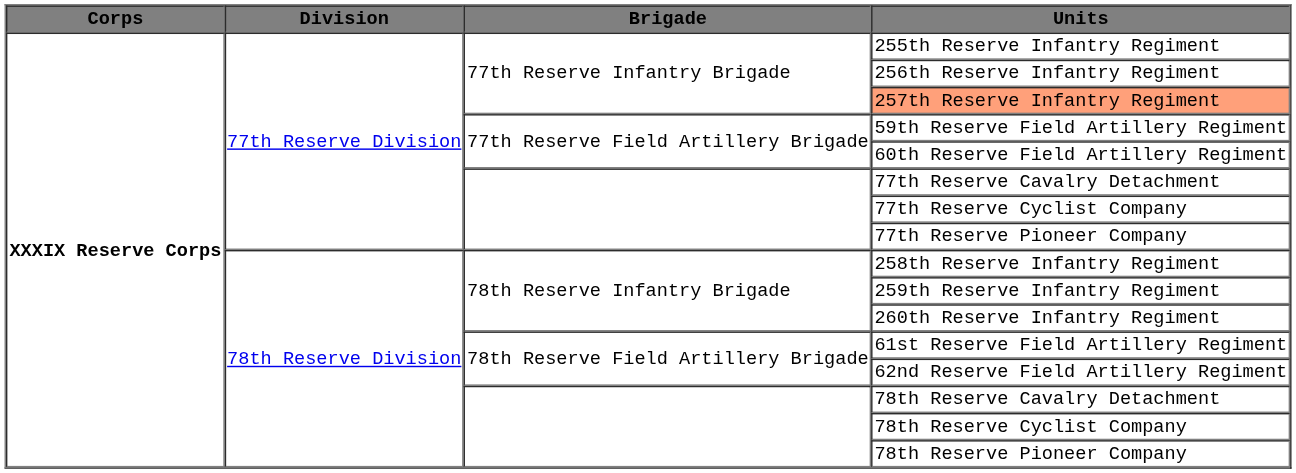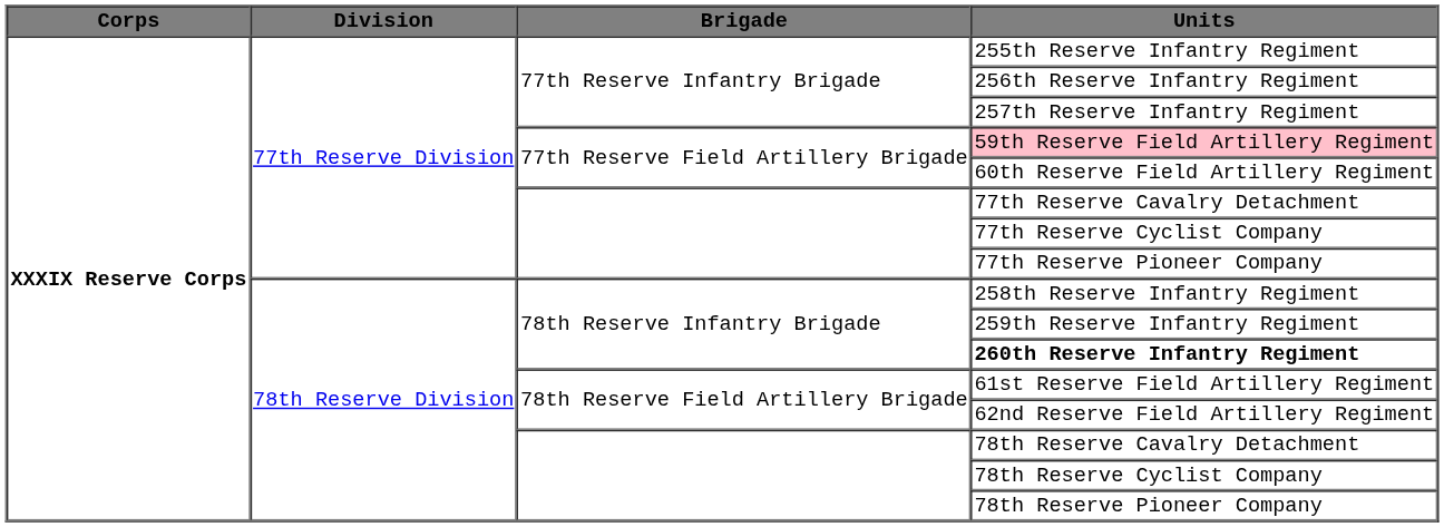 <table style="float: right;" border="1" cellpadding="1" cellspacing="0" style="font-size: 100%; border: gray solid 1px; border-collapse: collapse; text-align: center;">
 <tr style="background-color:grey; color:black;">
 <th>Corps</th>
 <th>Division</th>
 <th>Brigade</th>
 <th>Units</th>
 </tr>
 <tr>
 <td ROWSPAN=16><strong>XXXIX Reserve Corps</strong></td>
 <td ROWSPAN=8><a href='#'>77th Reserve Division</a></td>
 <td ROWSPAN=3>77th Reserve Infantry Brigade</td>
 <td>255th Reserve Infantry Regiment</td>
 </tr>
 <tr>
 <td>256th Reserve Infantry Regiment</td>
 </tr>
 <tr>
-<td style="background: lightsalmon;">257th Reserve Infantry Regiment</td>
+<td>257th Reserve Infantry Regiment</td>
 </tr>
 <tr>
 <td ROWSPAN=2>77th Reserve Field Artillery Brigade</td>
-<td>59th Reserve Field Artillery Regiment</td>
+<td style="background: pink;">59th Reserve Field Artillery Regiment</td>
 </tr>
 <tr>
 <td>60th Reserve Field Artillery Regiment</td>
 </tr>
 <tr>
 <td ROWSPAN=3></td>
 <td>77th Reserve Cavalry Detachment</td>
 </tr>
 <tr>
 <td>77th Reserve Cyclist Company</td>
 </tr>
 <tr>
 <td>77th Reserve Pioneer Company</td>
 </tr>
 <tr>
 <td ROWSPAN=8><a href='#'>78th Reserve Division</a></td>
 <td ROWSPAN=3>78th Reserve Infantry Brigade</td>
 <td>258th Reserve Infantry Regiment</td>
 </tr>
 <tr>
 <td>259th Reserve Infantry Regiment</td>
 </tr>
 <tr>
-<td>260th Reserve Infantry Regiment</td>
+<td><strong>260th Reserve Infantry Regiment</strong></td>
 </tr>
 <tr>
 <td ROWSPAN=2>78th Reserve Field Artillery Brigade</td>
 <td>61st Reserve Field Artillery Regiment</td>
 </tr>
 <tr>
 <td>62nd Reserve Field Artillery Regiment</td>
 </tr>
 <tr>
 <td ROWSPAN=3></td>
 <td>78th Reserve Cavalry Detachment</td>
 </tr>
 <tr>
 <td>78th Reserve Cyclist Company</td>
 </tr>
 <tr>
 <td>78th Reserve Pioneer Company</td>
 </tr>
 <tr>
 </tr>
 </table>
